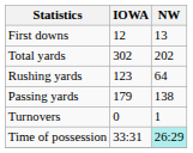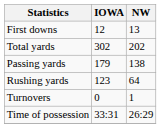 <table class="wikitable">
 <tr>
 <th>Statistics</th>
 <th>IOWA</th>
 <th>NW</th>
 </tr>
 <tr>
 <td>First downs</td>
 <td>12</td>
 <td>13</td>
 </tr>
 <tr>
 <td>Total yards</td>
 <td>302</td>
 <td>202</td>
 </tr>
 <tr>
+<td>Passing yards</td>
+<td>179</td>
+<td>138</td>
+</tr>
+<tr>
 <td>Rushing yards</td>
 <td>123</td>
 <td>64</td>
-</tr>
-<tr>
-<td>Passing yards</td>
-<td>179</td>
-<td>138</td>
 </tr>
 <tr>
 <td>Turnovers</td>
 <td>0</td>
 <td>1</td>
 </tr>
 <tr>
 <td>Time of possession</td>
 <td>33:31</td>
-<td style="background: paleturquoise;">26:29</td>
+<td>26:29</td>
 </tr>
 <tr>
 </tr>
 </table>
